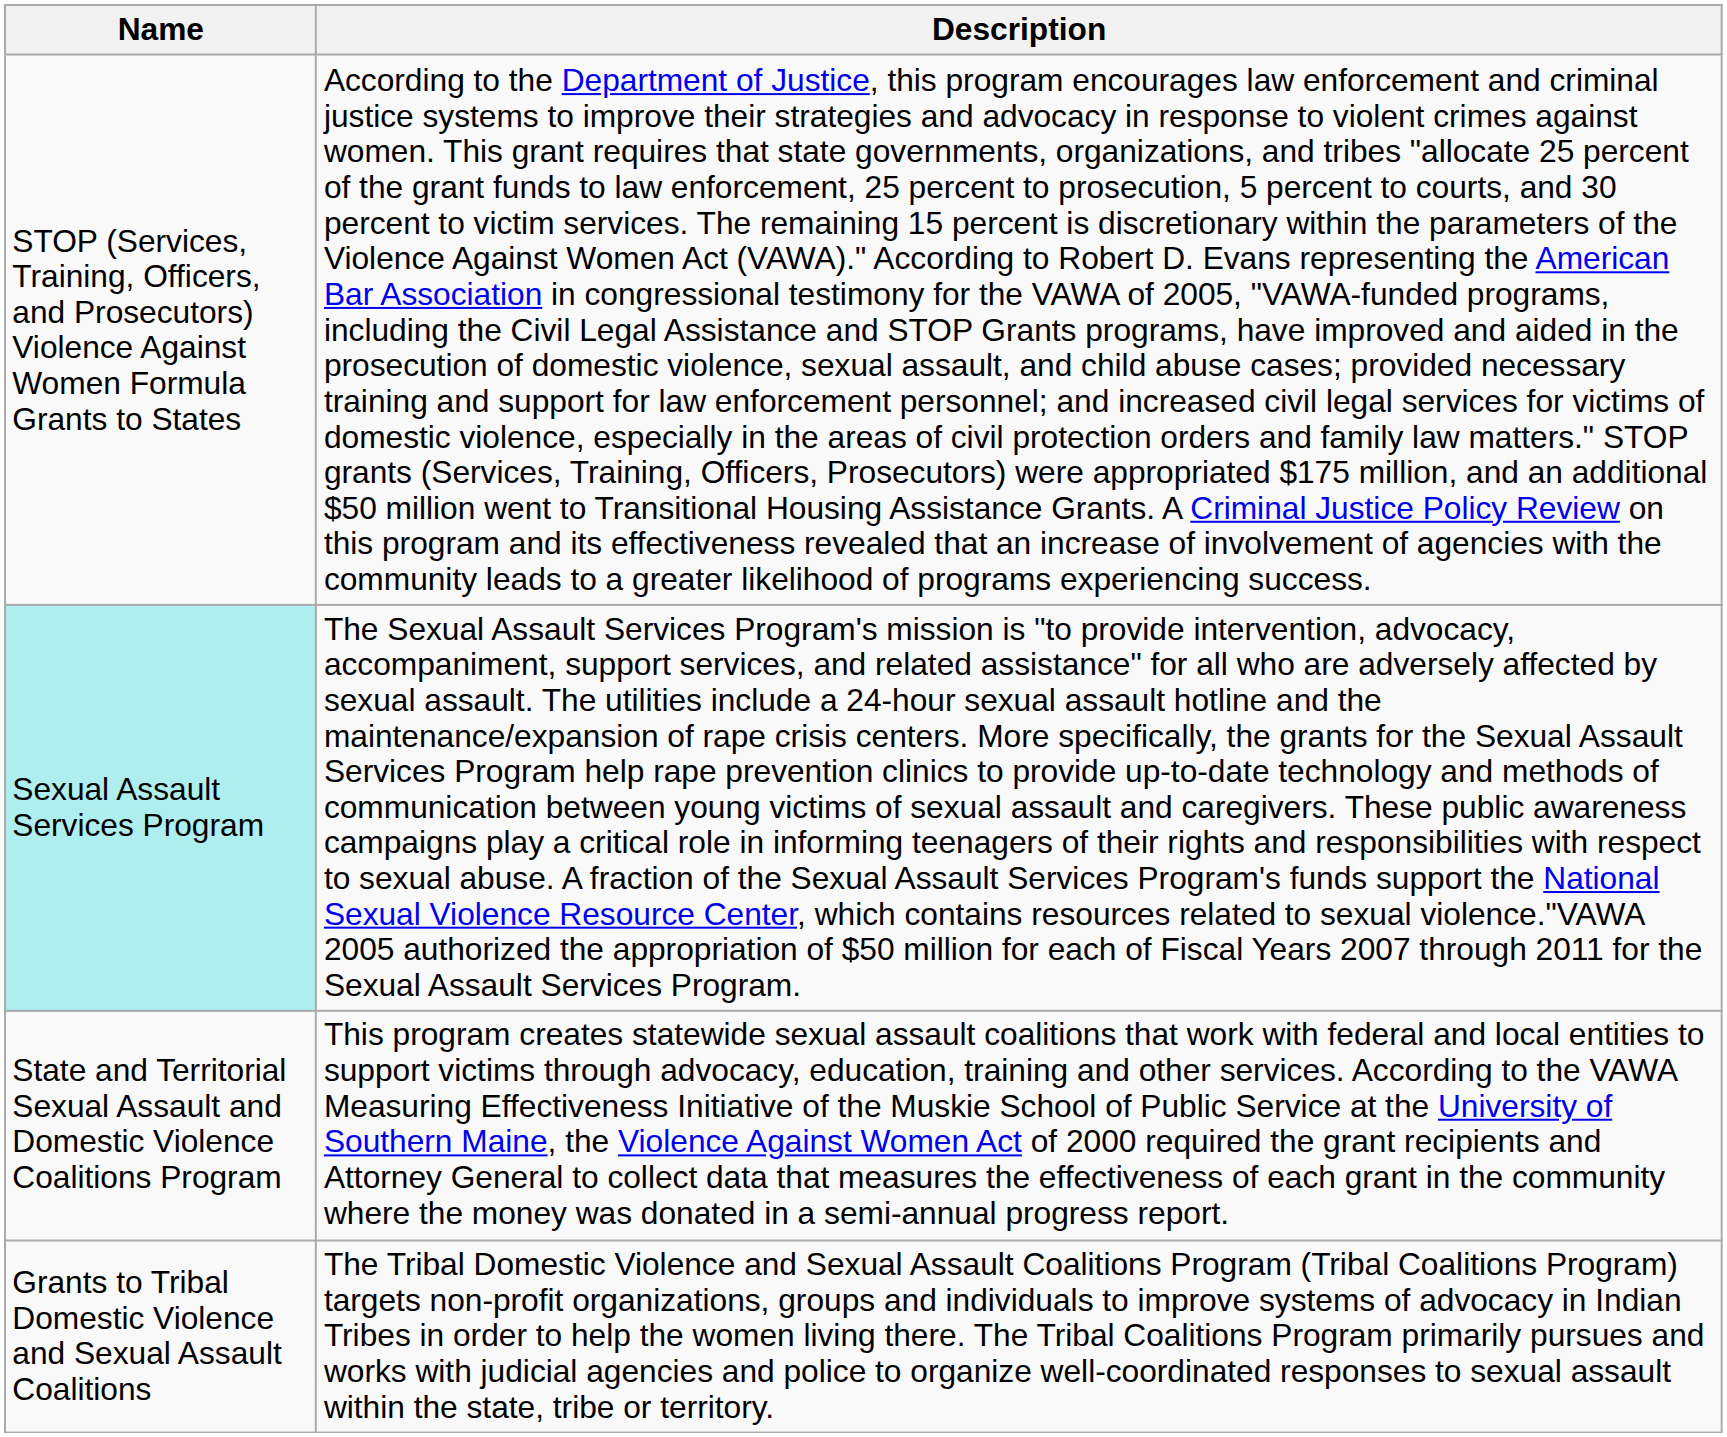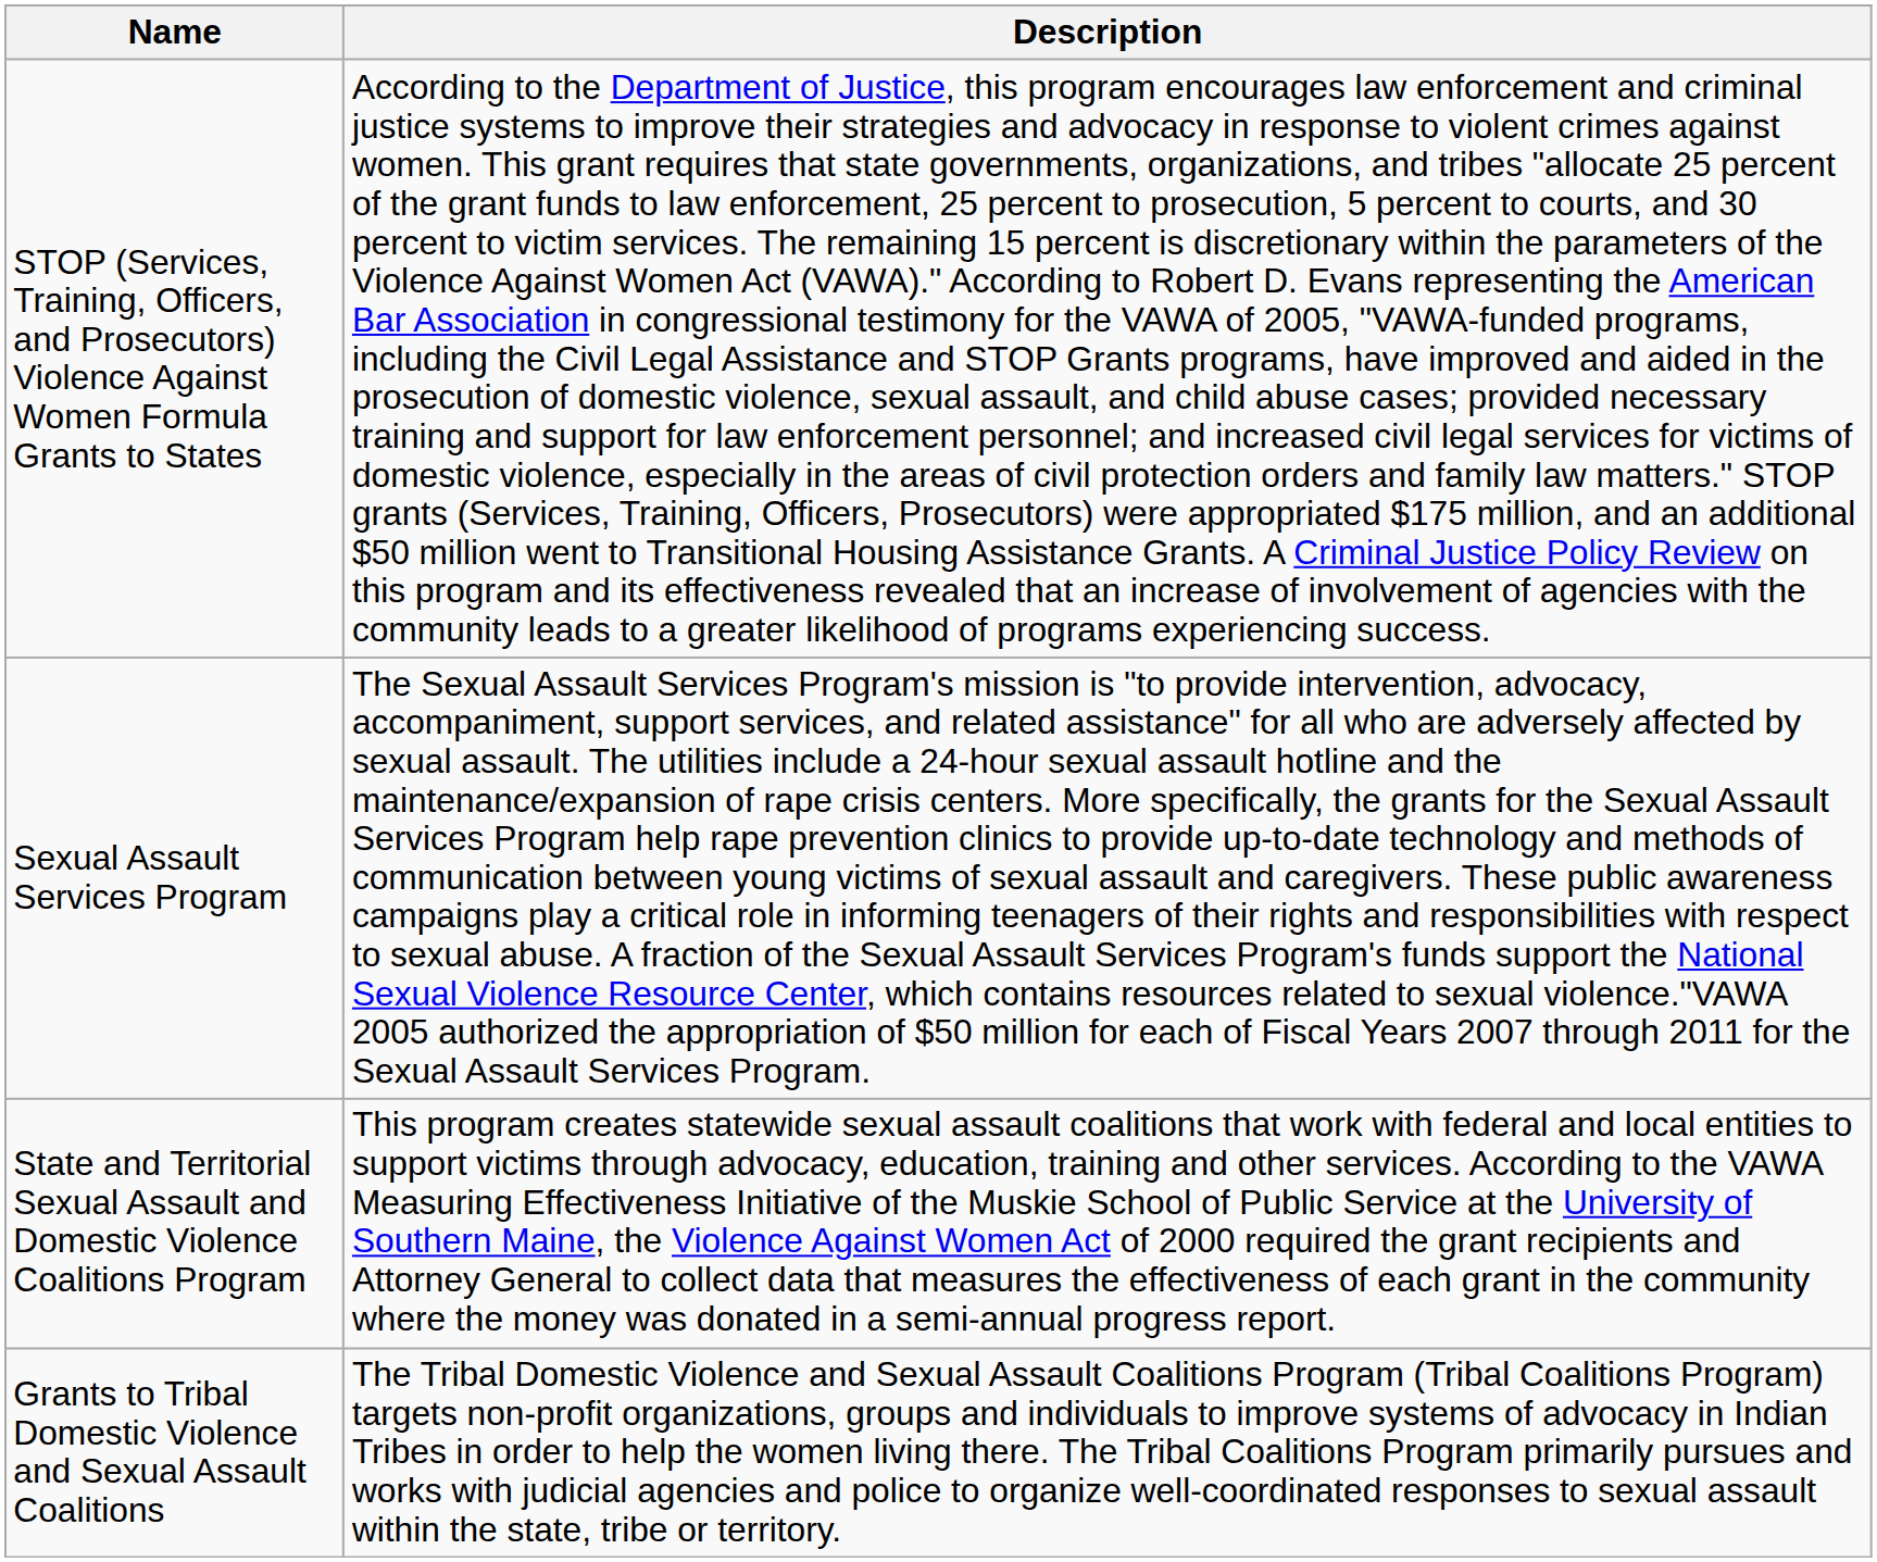 <table class="wikitable sortable">
 <tr>
 <th width="150">Name</th>
 <th class="unsortable">Description</th>
 </tr>
 <tr>
 <td>STOP (Services, Training, Officers, and Prosecutors) Violence Against Women Formula Grants to States</td>
 <td>According to the <a href='#'>Department of Justice</a>, this program encourages law enforcement and criminal justice systems to improve their strategies and advocacy in response to violent crimes against women. This grant requires that state governments, organizations, and tribes "allocate 25 percent of the grant funds to law enforcement, 25 percent to prosecution, 5 percent to courts, and 30 percent to victim services. The remaining 15 percent is discretionary within the parameters of the Violence Against Women Act (VAWA)." According to Robert D. Evans representing the <a href='#'>American Bar Association</a> in congressional testimony for the VAWA of 2005, "VAWA-funded programs, including the Civil Legal Assistance and STOP Grants programs, have improved and aided in the prosecution of domestic violence, sexual assault, and child abuse cases; provided necessary training and support for law enforcement personnel; and increased civil legal services for victims of domestic violence, especially in the areas of civil protection orders and family law matters." STOP grants (Services, Training, Officers, Prosecutors) were appropriated $175 million, and an additional $50 million went to Transitional Housing Assistance Grants. A <a href='#'>Criminal Justice Policy Review</a> on this program and its effectiveness revealed that an increase of involvement of agencies with the community leads to a greater likelihood of programs experiencing success.</td>
 </tr>
 <tr>
-<td style="background: paleturquoise;">Sexual Assault Services Program</td>
+<td>Sexual Assault Services Program</td>
 <td>The Sexual Assault Services Program's mission is "to provide intervention, advocacy, accompaniment, support services, and related assistance" for all who are adversely affected by sexual assault.  The utilities include a 24-hour sexual assault hotline and the maintenance/expansion of rape crisis centers. More specifically, the grants for the Sexual Assault Services Program help rape prevention clinics to provide up-to-date technology and methods of communication between young victims of sexual assault and caregivers. These public awareness campaigns play a critical role in informing teenagers of their rights and responsibilities with respect to sexual abuse. A fraction of the Sexual Assault Services Program's funds support the <a href='#'>National Sexual Violence Resource Center</a>, which contains resources related to sexual violence."VAWA 2005 authorized the appropriation of $50 million for each of Fiscal Years 2007 through 2011 for the Sexual Assault Services Program.</td>
 </tr>
 <tr>
 <td>State and Territorial Sexual Assault and Domestic Violence Coalitions Program</td>
 <td>This program creates statewide sexual assault coalitions that work with federal and local entities to support victims through advocacy, education, training and other services. According to the VAWA Measuring Effectiveness Initiative of the Muskie School of Public Service at the <a href='#'>University of Southern Maine</a>, the <a href='#'>Violence Against Women Act</a> of 2000 required the grant recipients and Attorney General to collect data that measures the effectiveness of each grant in the community where the money was donated in a semi-annual progress report.</td>
 </tr>
 <tr>
 <td>Grants to Tribal Domestic Violence and Sexual Assault Coalitions</td>
 <td>The Tribal Domestic Violence and Sexual Assault Coalitions Program (Tribal Coalitions Program) targets non-profit organizations, groups and individuals to improve systems of advocacy in Indian Tribes in order to help the women living there. The Tribal Coalitions Program primarily pursues and works with judicial agencies and police to organize well-coordinated responses to sexual assault within the state, tribe or territory.</td>
 </tr>
 </table>
